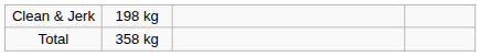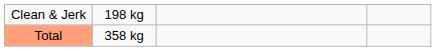 <table class = "wikitable" style="text-align:center;">
 <tr>
 <td width=100>Clean & Jerk</td>
 <td width=70>198 kg</td>
 <td width=250 align=left></td>
 <td width=70></td>
 </tr>
 <tr>
-<td>Total</td>
+<td style="background: lightsalmon;">Total</td>
 <td>358 kg</td>
 <td align=left></td>
 <td></td>
 </tr>
 </table>
